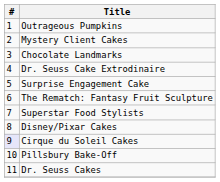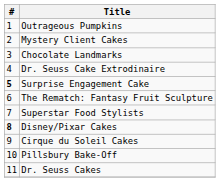 <table class="wikitable">
 <tr>
 <th>#</th>
 <th>Title</th>
 </tr>
 <tr>
 <td>1</td>
 <td>Outrageous Pumpkins</td>
 </tr>
 <tr>
 <td>2</td>
 <td>Mystery Client Cakes</td>
 </tr>
 <tr>
 <td>3</td>
 <td>Chocolate Landmarks</td>
 </tr>
 <tr>
 <td>4</td>
 <td>Dr. Seuss Cake Extrodinaire</td>
 </tr>
 <tr>
-<td>5</td>
+<td><strong>5</strong></td>
 <td>Surprise Engagement Cake</td>
 </tr>
 <tr>
 <td>6</td>
 <td>The Rematch: Fantasy Fruit Sculpture</td>
 </tr>
 <tr>
 <td>7</td>
 <td>Superstar Food Stylists</td>
 </tr>
 <tr>
-<td>8</td>
+<td><strong>8</strong></td>
 <td>Disney/Pixar Cakes</td>
 </tr>
 <tr>
-<td style="background: lavender;">9</td>
+<td>9</td>
 <td>Cirque du Soleil Cakes</td>
 </tr>
 <tr>
 <td>10</td>
 <td>Pillsbury Bake-Off</td>
 </tr>
 <tr>
 <td>11</td>
 <td>Dr. Seuss Cakes</td>
 </tr>
 <tr>
 </tr>
 </table>
